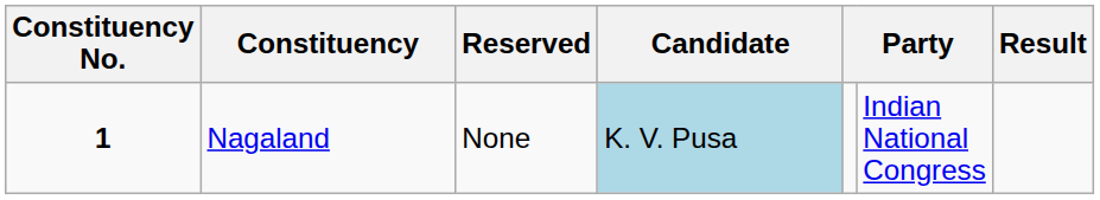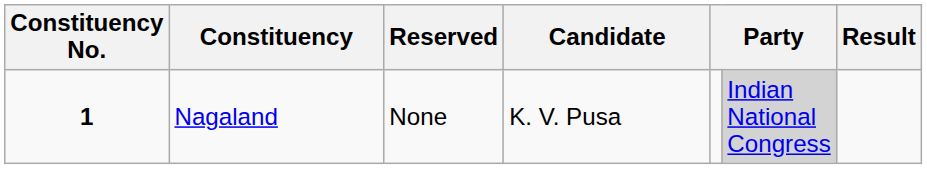 <table class= "wikitable sortable">
 <tr>
 <th>Constituency <br> No.</th>
 <th style="width:180px;">Constituency</th>
 <th>Reserved</th>
 <th style="width:200px;">Candidate</th>
 <th colspan=2>Party</th>
 <th>Result</th>
 </tr>
 <tr>
 <td align="center"><strong>1</strong></td>
 <td><a href='#'>Nagaland</a></td>
 <td>None</td>
-<td style="background: lightblue;">K. V. Pusa</td>
+<td>K. V. Pusa</td>
 <td></td>
-<td><a href='#'>Indian National Congress</a></td>
+<td style="background: lightgrey;"><a href='#'>Indian National Congress</a></td>
 <td></td>
 </tr>
 </table>
